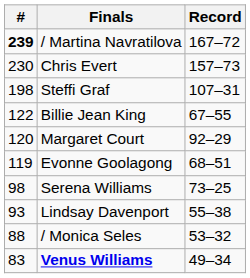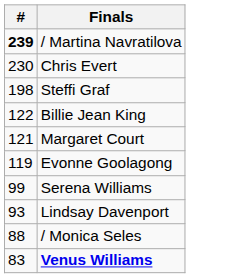 <table class=wikitable style=display:inline-table>
 <tr>
 <th>#</th>
 <th>Finals</th>
-<th>Record</th>
 </tr>
 <tr>
 <td><strong>239</strong></td>
 <td>/ Martina Navratilova</td>
-<td>167–72</td>
 </tr>
 <tr>
 <td>230</td>
 <td> Chris Evert</td>
-<td>157–73</td>
 </tr>
 <tr>
 <td>198</td>
 <td> Steffi Graf</td>
-<td>107–31</td>
 </tr>
 <tr>
 <td>122</td>
 <td> Billie Jean King</td>
-<td>67–55</td>
 </tr>
 <tr>
-<td>120</td>
+<td>121</td>
 <td> Margaret Court</td>
-<td>92–29</td>
 </tr>
 <tr>
 <td>119</td>
 <td> Evonne Goolagong</td>
-<td>68–51</td>
 </tr>
 <tr>
-<td>98</td>
+<td>99</td>
 <td> Serena Williams</td>
-<td>73–25</td>
 </tr>
 <tr>
 <td>93</td>
 <td> Lindsay Davenport</td>
-<td>55–38</td>
 </tr>
 <tr>
 <td>88</td>
 <td>/ Monica Seles</td>
-<td>53–32</td>
 </tr>
 <tr>
 <td>83</td>
 <td> <strong><a href='#'>Venus Williams</a></strong></td>
-<td>49–34</td>
 </tr>
 </table>
